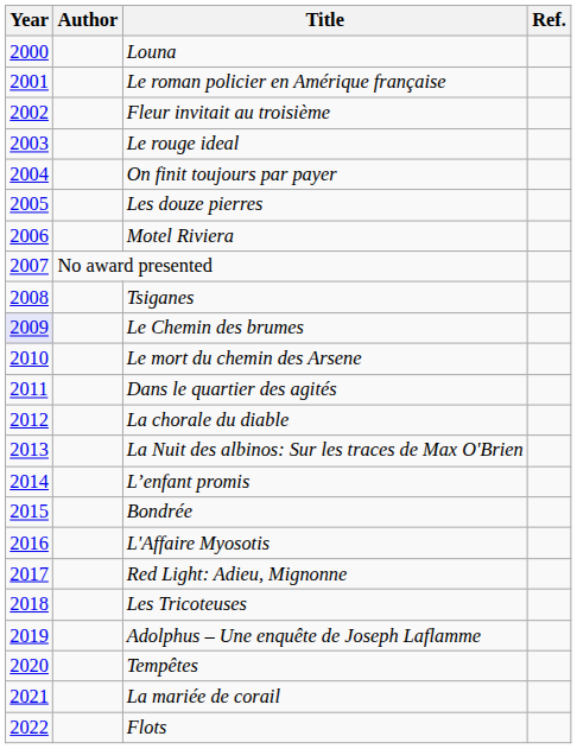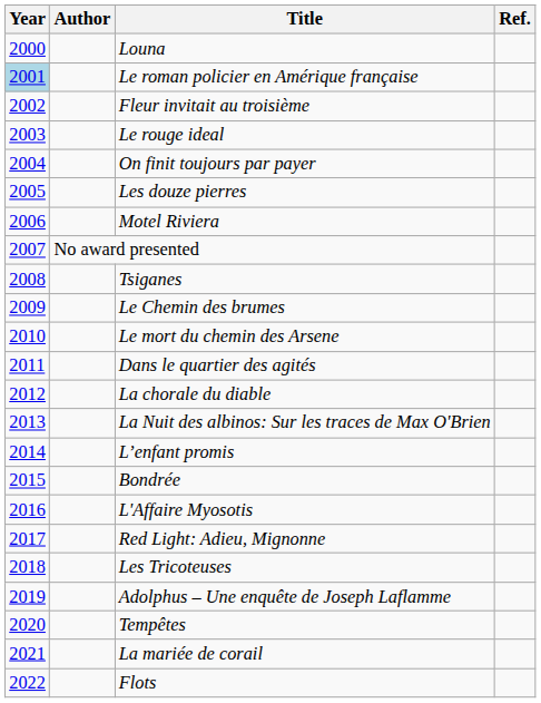 <table class="wikitable sortable mw-collapsible">
 <tr>
 <th>Year</th>
 <th>Author</th>
 <th>Title</th>
 <th>Ref.</th>
 </tr>
 <tr>
 <td><a href='#'>2000</a></td>
 <td></td>
 <td><em>Louna</em></td>
 <td></td>
 </tr>
 <tr>
-<td><a href='#'>2001</a></td>
+<td style="background: lightblue;"><a href='#'>2001</a></td>
 <td></td>
 <td><em>Le roman policier en Amérique française</em></td>
 <td></td>
 </tr>
 <tr>
 <td><a href='#'>2002</a></td>
 <td></td>
 <td><em>Fleur invitait au troisième</em></td>
 <td></td>
 </tr>
 <tr>
 <td><a href='#'>2003</a></td>
 <td></td>
 <td><em>Le rouge ideal</em></td>
 <td></td>
 </tr>
 <tr>
 <td><a href='#'>2004</a></td>
 <td></td>
 <td><em>On finit toujours par payer</em></td>
 <td></td>
 </tr>
 <tr>
 <td><a href='#'>2005</a></td>
 <td></td>
 <td><em>Les douze pierres</em></td>
 <td></td>
 </tr>
 <tr>
 <td><a href='#'>2006</a></td>
 <td></td>
 <td><em>Motel Riviera</em></td>
 <td></td>
 </tr>
 <tr>
 <td><a href='#'>2007</a></td>
 <td colspan="2">No award presented</td>
 <td></td>
 </tr>
 <tr>
 <td><a href='#'>2008</a></td>
 <td></td>
 <td><em>Tsiganes</em></td>
 <td></td>
 </tr>
 <tr>
-<td style="background: lavender;"><a href='#'>2009</a></td>
+<td><a href='#'>2009</a></td>
 <td></td>
 <td><em>Le Chemin des brumes</em></td>
 <td></td>
 </tr>
 <tr>
 <td><a href='#'>2010</a></td>
 <td></td>
 <td><em>Le mort du chemin des Arsene</em></td>
 <td></td>
 </tr>
 <tr>
 <td><a href='#'>2011</a></td>
 <td></td>
 <td><em>Dans le quartier des agités</em></td>
 <td></td>
 </tr>
 <tr>
 <td><a href='#'>2012</a></td>
 <td></td>
 <td><em>La chorale du diable</em></td>
 <td></td>
 </tr>
 <tr>
 <td><a href='#'>2013</a></td>
 <td></td>
 <td><em>La Nuit des albinos: Sur les traces de Max O'Brien</em></td>
 <td></td>
 </tr>
 <tr>
 <td><a href='#'>2014</a></td>
 <td></td>
 <td><em>L’enfant promis</em></td>
 <td></td>
 </tr>
 <tr>
 <td><a href='#'>2015</a></td>
 <td></td>
 <td><em>Bondrée</em></td>
 <td></td>
 </tr>
 <tr>
 <td><a href='#'>2016</a></td>
 <td></td>
 <td><em>L'Affaire Myosotis</em></td>
 <td></td>
 </tr>
 <tr>
 <td><a href='#'>2017</a></td>
 <td></td>
 <td><em>Red Light: Adieu, Mignonne</em></td>
 <td></td>
 </tr>
 <tr>
 <td><a href='#'>2018</a></td>
 <td></td>
 <td><em>Les Tricoteuses</em></td>
 <td></td>
 </tr>
 <tr>
 <td><a href='#'>2019</a></td>
 <td></td>
 <td><em>Adolphus – Une enquête de Joseph Laflamme</em></td>
 <td></td>
 </tr>
 <tr>
 <td><a href='#'>2020</a></td>
 <td></td>
 <td><em>Tempêtes</em></td>
 <td></td>
 </tr>
 <tr>
 <td><a href='#'>2021</a></td>
 <td></td>
 <td><em>La mariée de corail</em></td>
 <td></td>
 </tr>
 <tr>
 <td><a href='#'>2022</a></td>
 <td></td>
 <td><em>Flots</em></td>
 <td></td>
 </tr>
 </table>
